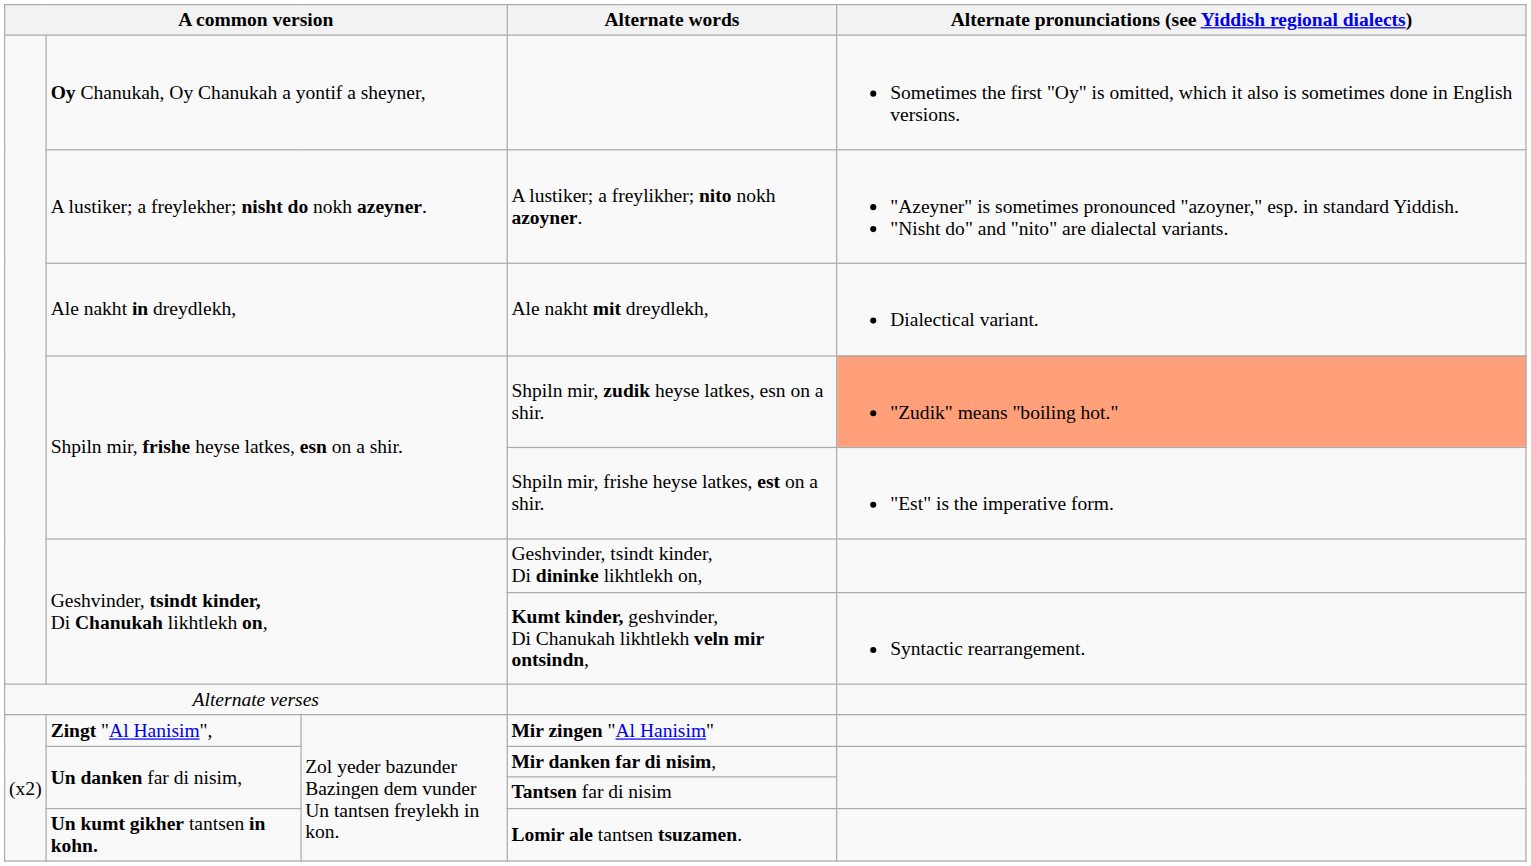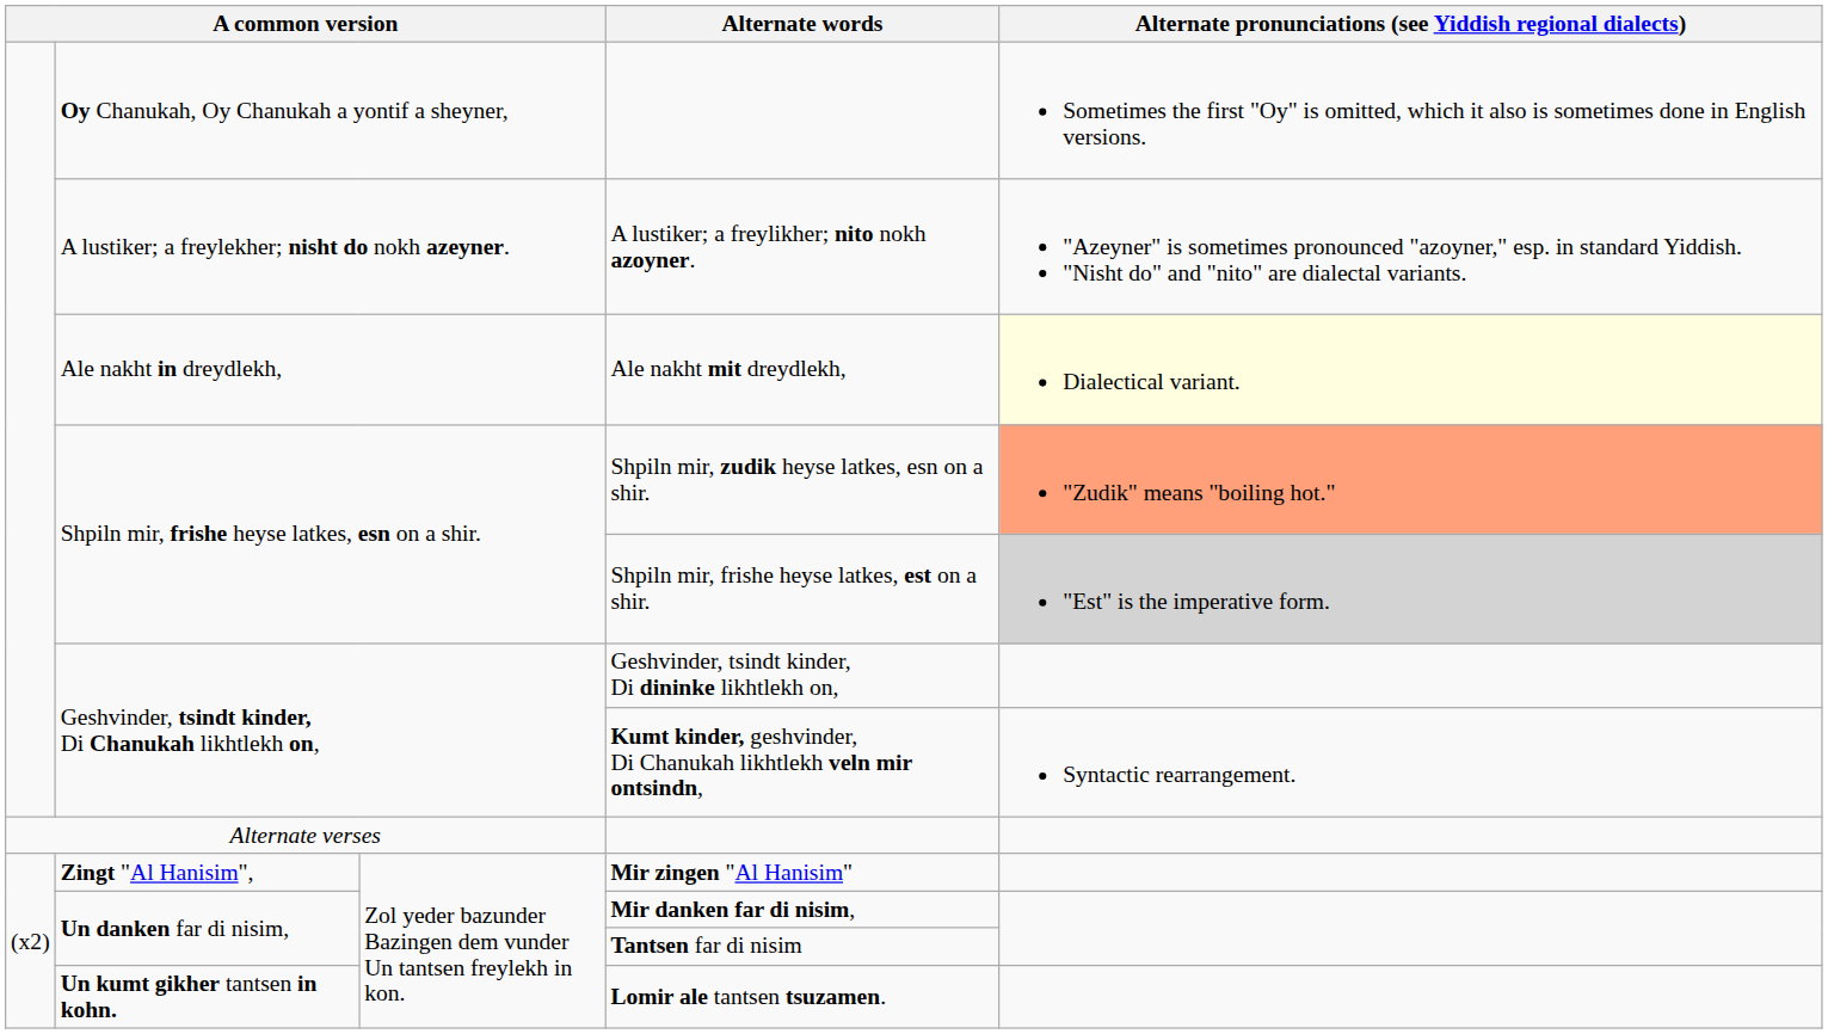 <table class="wikitable">
 <tr>
 <th colspan=3>A common version</th>
 <th>Alternate words</th>
 <th>Alternate pronunciations (see <a href='#'>Yiddish regional dialects</a>)</th>
 </tr>
 <tr>
 <td rowspan=7></td>
 <td colspan=2><strong>Oy</strong> Chanukah, Oy Chanukah a yontif a sheyner,</td>
 <td></td>
 <td><br><ul><li>Sometimes the first "Oy" is omitted, which it also is sometimes done in English versions.</li></ul></td>
 </tr>
 <tr>
 <td colspan=2>A lustiker; a freylekher; <strong>nisht do</strong> nokh <strong>azeyner</strong>.</td>
 <td>A lustiker; a freylikher; <strong>nito</strong> nokh <strong>azoyner</strong>.</td>
 <td><br><ul><li>"Azeyner" is sometimes pronounced "azoyner," esp. in standard Yiddish.</li><li>"Nisht do" and "nito" are dialectal variants.</li></ul></td>
 </tr>
 <tr>
 <td colspan=2>Ale nakht <strong>in</strong> dreydlekh,</td>
 <td>Ale nakht <strong>mit</strong> dreydlekh,</td>
-<td><br><ul><li>Dialectical variant.</li></ul></td>
+<td style="background: lightyellow;"><br><ul><li>Dialectical variant.</li></ul></td>
 </tr>
 <tr>
 <td colspan=2 rowspan=2>Shpiln mir, <strong>frishe</strong> heyse latkes, <strong>esn</strong> on a shir.</td>
 <td>Shpiln mir, <strong>zudik</strong> heyse latkes, esn on a shir.</td>
 <td style="background: lightsalmon;"><br><ul><li>"Zudik" means "boiling hot."</li></ul></td>
 </tr>
 <tr>
 <td>Shpiln mir, frishe heyse latkes, <strong>est</strong> on a shir.</td>
-<td><br><ul><li>"Est" is the imperative form.</li></ul></td>
+<td style="background: lightgrey;"><br><ul><li>"Est" is the imperative form.</li></ul></td>
 </tr>
 <tr>
 <td colspan=2  rowspan=2>Geshvinder, <strong>tsindt kinder,</strong><br>Di <strong>Chanukah</strong> likhtlekh <strong>on</strong>,</td>
 <td>Geshvinder, tsindt kinder,<br>Di <strong>dininke</strong> likhtlekh on,</td>
 <td></td>
 </tr>
 <tr>
 <td><strong>Kumt kinder,</strong> geshvinder,<br>Di Chanukah likhtlekh <strong>veln mir ontsindn</strong>,</td>
 <td><br><ul><li>Syntactic rearrangement.</li></ul></td>
 </tr>
 <tr>
 <td colspan=3 align="center"><em>Alternate verses</em></td>
 <td></td>
 <td></td>
 </tr>
 <tr>
 <td rowspan=4>(x2)</td>
 <td><strong>Zingt</strong> "<a href='#'>Al Hanisim</a>",</td>
 <td rowspan=4><br>Zol yeder bazunder<br> Bazingen dem vunder<br> Un tantsen freylekh in kon.</td>
 <td><strong>Mir zingen</strong> "<a href='#'>Al Hanisim</a>"</td>
 <td></td>
 </tr>
 <tr>
 <td rowspan=2><strong>Un danken</strong> far di nisim,</td>
 <td><strong>Mir danken far di nisim</strong>,</td>
 <td rowspan=2></td>
 </tr>
 <tr>
 <td><strong>Tantsen</strong> far di nisim</td>
 </tr>
 <tr>
 <td><strong>Un kumt gikher</strong> tantsen <strong>in kohn.</strong></td>
 <td><strong>Lomir ale</strong> tantsen <strong>tsuzamen</strong>.</td>
 <td></td>
 </tr>
 </table>
